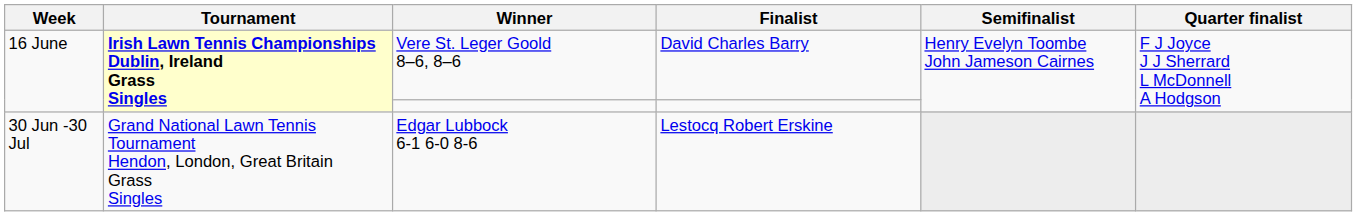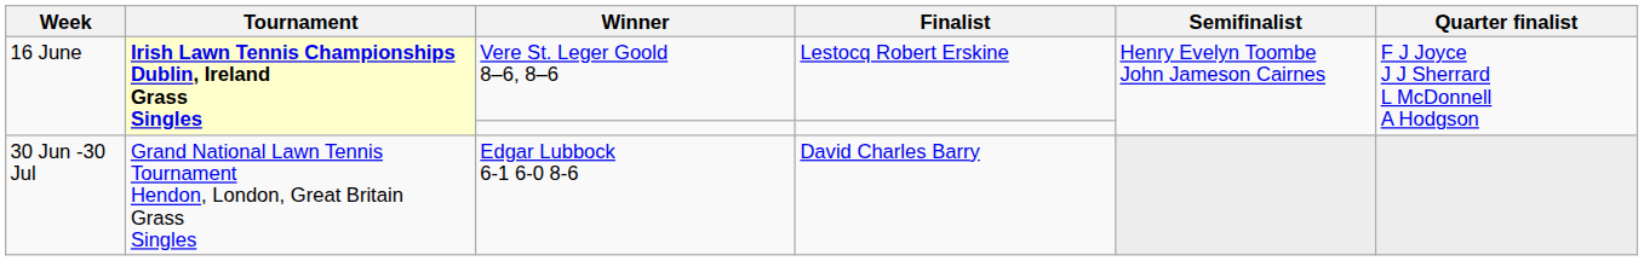 <table class="wikitable" style="font-size:85%;">
 <tr>
 <th width="75">Week</th>
 <th width="230">Tournament</th>
 <th width="210">Winner</th>
 <th width="210">Finalist</th>
 <th width="170">Semifinalist</th>
 <th width="170">Quarter finalist</th>
 </tr>
 <tr valign=top>
 <td rowspan=2>16 June</td>
 <td style="background:#ffc;" rowspan=2><strong><a href='#'>Irish Lawn Tennis Championships</a><br> <a href='#'>Dublin</a>, Ireland<br>Grass<br><a href='#'>Singles</a></strong></td>
 <td> <a href='#'>Vere St. Leger Goold</a><br>8–6, 8–6</td>
-<td> <a href='#'>David Charles Barry</a></td>
+<td> <a href='#'>Lestocq Robert Erskine</a></td>
 <td rowspan=2> <a href='#'>Henry Evelyn Toombe</a><br> <a href='#'>John Jameson Cairnes</a><br></td>
 <td rowspan=2> <a href='#'>F J Joyce</a><br> <a href='#'>J J Sherrard</a><br> <a href='#'>L McDonnell</a><br>  <a href='#'>A Hodgson</a></td>
 </tr>
 <tr valign=top>
 <td></td>
 <td></td>
 </tr>
 <tr valign=top>
 <td rowspan=2>30 Jun -30 Jul</td>
 <td rowspan=2><a href='#'>Grand National Lawn Tennis Tournament</a> <br><a href='#'>Hendon</a>, London, Great Britain<br>Grass<br><a href='#'>Singles</a></td>
 <td> <a href='#'>Edgar Lubbock</a><br>6-1 6-0 8-6</td>
-<td> <a href='#'>Lestocq Robert Erskine</a></td>
+<td> <a href='#'>David Charles Barry</a></td>
 <td style="background:#ededed;" rowspan=2></td>
 <td style="background:#ededed;" rowspan=2></td>
 </tr>
 </table>
